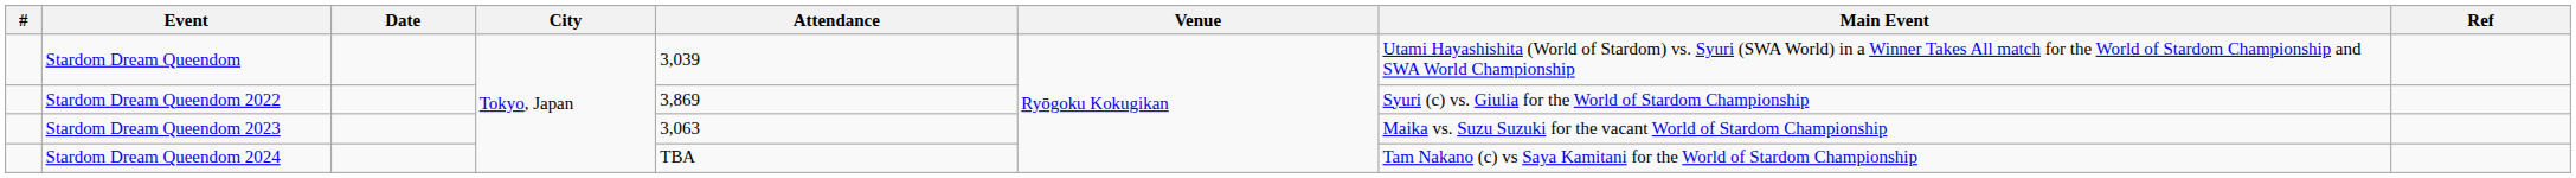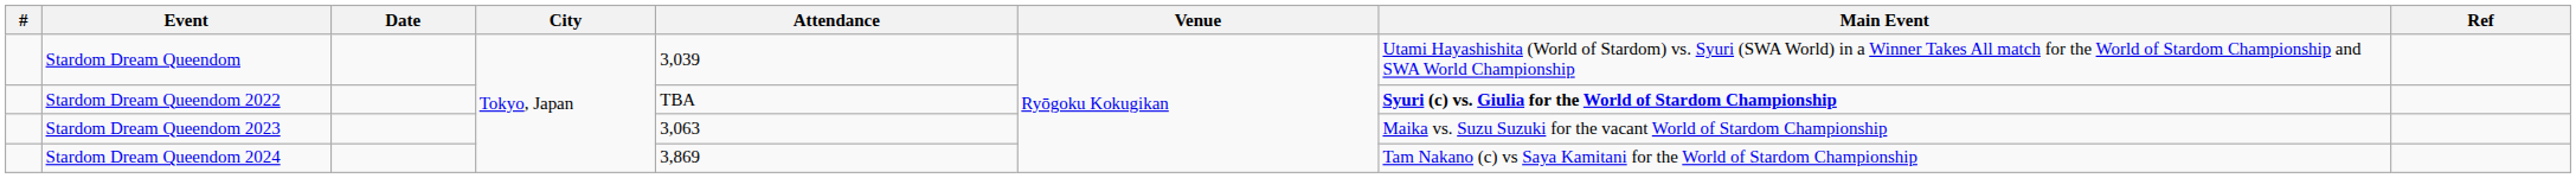 <table class="wikitable" style="font-size:85%;">
 <tr>
 <th width="1%">#</th>
 <th width="8%">Event</th>
 <th width="4%">Date</th>
 <th width="5%">City</th>
 <th width="10%">Attendance</th>
 <th width="10%">Venue</th>
 <th width="28%">Main Event</th>
 <th width="5%">Ref</th>
 </tr>
 <tr>
 <td></td>
 <td><a href='#'>Stardom Dream Queendom</a></td>
 <td></td>
 <td rowspan="4"><a href='#'>Tokyo</a>, Japan</td>
 <td>3,039</td>
 <td rowspan="4"><a href='#'>Ryōgoku Kokugikan</a></td>
 <td><a href='#'>Utami Hayashishita</a> (World of Stardom) vs. <a href='#'>Syuri</a> (SWA World) in a <a href='#'>Winner Takes All match</a> for the <a href='#'>World of Stardom Championship</a> and <a href='#'>SWA World Championship</a></td>
 <td></td>
 </tr>
 <tr>
 <td></td>
 <td><a href='#'>Stardom Dream Queendom 2022</a></td>
 <td></td>
-<td>3,869</td>
-<td><a href='#'>Syuri</a> (c) vs. <a href='#'>Giulia</a> for the <a href='#'>World of Stardom Championship</a></td>
+<td>TBA</td>
+<td><strong><a href='#'>Syuri</a> (c) vs. <a href='#'>Giulia</a> for the <a href='#'>World of Stardom Championship</a></strong></td>
 <td></td>
 </tr>
 <tr>
 <td></td>
 <td><a href='#'>Stardom Dream Queendom 2023</a></td>
 <td></td>
 <td>3,063</td>
 <td><a href='#'>Maika</a> vs. <a href='#'>Suzu Suzuki</a> for the vacant <a href='#'>World of Stardom Championship</a></td>
 <td></td>
 </tr>
 <tr>
 <td></td>
 <td><a href='#'>Stardom Dream Queendom 2024</a></td>
 <td></td>
-<td>TBA</td>
+<td>3,869</td>
 <td><a href='#'>Tam Nakano</a> (c) vs <a href='#'>Saya Kamitani</a> for the <a href='#'>World of Stardom Championship</a></td>
 <td></td>
 </tr>
 </table>
